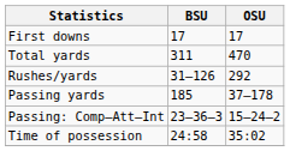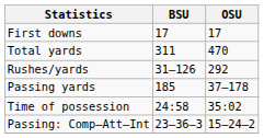 <table class="wikitable" style="float: left;">
 <tr>
 <th>Statistics</th>
 <th>BSU</th>
 <th>OSU</th>
 </tr>
 <tr>
 <td>First downs</td>
 <td>17</td>
 <td>17</td>
 </tr>
 <tr>
 <td>Total yards</td>
 <td>311</td>
 <td>470</td>
 </tr>
 <tr>
 <td>Rushes/yards</td>
 <td>31–126</td>
 <td>292</td>
 </tr>
 <tr>
 <td>Passing yards</td>
 <td>185</td>
 <td>37–178</td>
 </tr>
 <tr>
+<td>Time of possession</td>
+<td>24:58</td>
+<td>35:02</td>
+</tr>
+<tr>
 <td>Passing: Comp–Att–Int</td>
 <td>23–36–3</td>
 <td>15–24–2</td>
 </tr>
 <tr>
-<td>Time of possession</td>
-<td>24:58</td>
-<td>35:02</td>
-</tr>
-<tr>
 </tr>
 </table>
